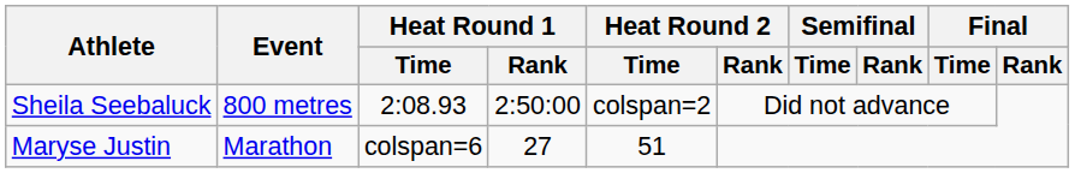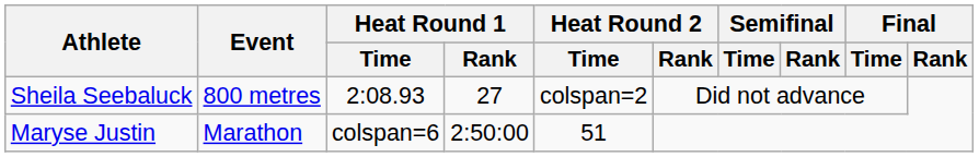 <table class=wikitable style="font-size:90%; text-align:center">
 <tr>
 <th rowspan=2>Athlete</th>
 <th rowspan=2>Event</th>
 <th colspan=2>Heat Round 1</th>
 <th colspan=2>Heat Round 2</th>
 <th colspan=2>Semifinal</th>
 <th colspan=2>Final</th>
 </tr>
 <tr style=font-size:95%>
 <th>Time</th>
 <th>Rank</th>
 <th>Time</th>
 <th>Rank</th>
 <th>Time</th>
 <th>Rank</th>
 <th>Time</th>
 <th>Rank</th>
 </tr>
 <tr align=center>
 <td align=left><a href='#'>Sheila Seebaluck</a></td>
 <td align=left><a href='#'>800 metres</a></td>
 <td>2:08.93</td>
-<td>2:50:00</td>
+<td>27</td>
 <td>colspan=2</td>
 <td colspan=4>Did not advance</td>
 </tr>
 <tr align=center>
 <td align=left><a href='#'>Maryse Justin</a></td>
 <td align=left><a href='#'>Marathon</a></td>
 <td>colspan=6</td>
-<td>27</td>
+<td>2:50:00</td>
 <td>51</td>
 </tr>
 </table>
